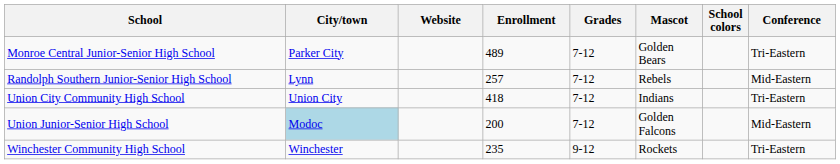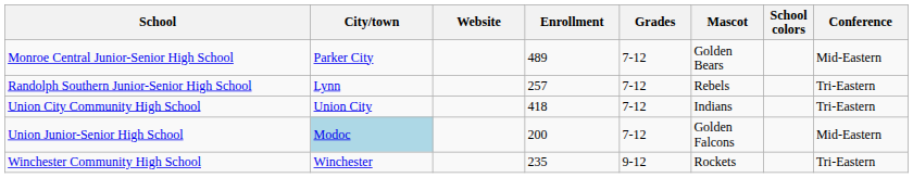 <table class="wikitable sortable" width="70%">
 <tr>
 <th width="20%">School</th>
 <th width="08%">City/town</th>
 <th width="06%">Website</th>
 <th width="04%">Enrollment</th>
 <th width="04%">Grades</th>
 <th width="04%">Mascot</th>
 <th width=01%>School colors</th>
 <th width="04%">Conference</th>
 </tr>
 <tr>
 <td><a href='#'>Monroe Central Junior-Senior High School</a></td>
 <td><a href='#'>Parker City</a></td>
 <td></td>
 <td>489</td>
 <td>7-12</td>
 <td>Golden Bears</td>
 <td>  </td>
-<td>Tri-Eastern</td>
+<td>Mid-Eastern</td>
 </tr>
 <tr>
 <td><a href='#'>Randolph Southern Junior-Senior High School</a></td>
 <td><a href='#'>Lynn</a></td>
 <td></td>
 <td>257</td>
 <td>7-12</td>
 <td>Rebels</td>
 <td>  </td>
-<td>Mid-Eastern</td>
+<td>Tri-Eastern</td>
 </tr>
 <tr>
 <td><a href='#'>Union City Community High School</a></td>
 <td><a href='#'>Union City</a></td>
 <td></td>
 <td>418</td>
 <td>7-12</td>
 <td>Indians</td>
 <td>  </td>
 <td>Tri-Eastern</td>
 </tr>
 <tr>
 <td><a href='#'>Union Junior-Senior High School</a></td>
 <td style="background: lightblue;"><a href='#'>Modoc</a></td>
 <td></td>
 <td>200</td>
 <td>7-12</td>
 <td>Golden Falcons</td>
 <td>  </td>
 <td>Mid-Eastern</td>
 </tr>
 <tr>
 <td><a href='#'>Winchester Community High School</a></td>
 <td><a href='#'>Winchester</a></td>
 <td></td>
 <td>235</td>
 <td>9-12</td>
 <td>Rockets</td>
 <td>  </td>
 <td>Tri-Eastern</td>
 </tr>
 </table>
